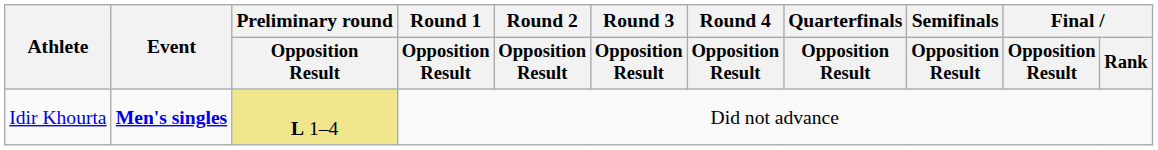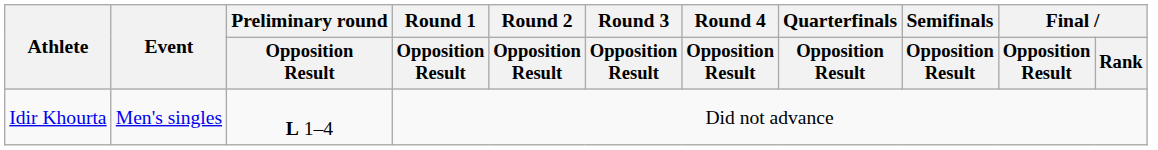 <table class="wikitable" style="font-size:90%">
 <tr>
 <th rowspan="2">Athlete</th>
 <th rowspan="2">Event</th>
 <th>Preliminary round</th>
 <th>Round 1</th>
 <th>Round 2</th>
 <th>Round 3</th>
 <th>Round 4</th>
 <th>Quarterfinals</th>
 <th>Semifinals</th>
 <th colspan=2>Final / </th>
 </tr>
 <tr style="font-size:95%">
 <th>Opposition<br>Result</th>
 <th>Opposition<br>Result</th>
 <th>Opposition<br>Result</th>
 <th>Opposition<br>Result</th>
 <th>Opposition<br>Result</th>
 <th>Opposition<br>Result</th>
 <th>Opposition<br>Result</th>
 <th>Opposition<br>Result</th>
 <th>Rank</th>
 </tr>
 <tr align=center>
 <td align=left><a href='#'>Idir Khourta</a></td>
-<td align=left><strong><a href='#'>Men's singles</a></strong></td>
-<td style="background: khaki;"><br><strong>L</strong> 1–4</td>
+<td align=left><a href='#'>Men's singles</a></td>
+<td><br><strong>L</strong> 1–4</td>
 <td colspan=8>Did not advance</td>
 </tr>
 </table>
